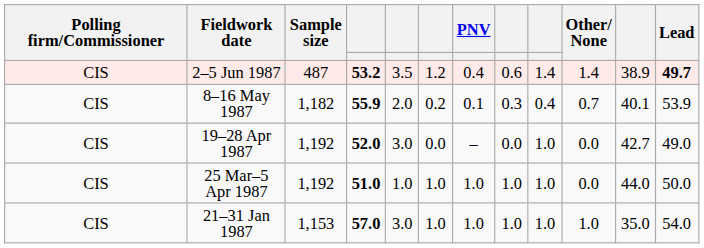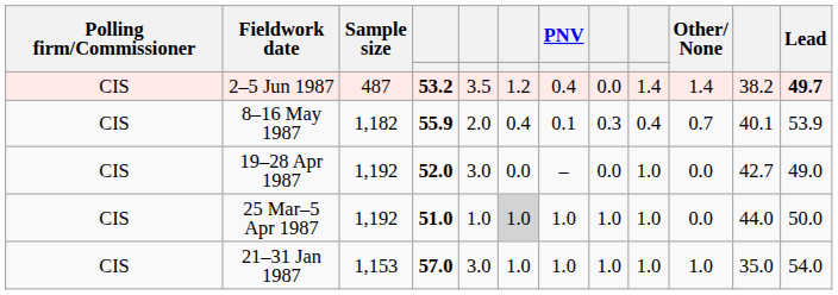 <table class="wikitable collapsible collapsed" style="text-align:center; font-size:90%; line-height:14px;">
 <tr style="height:42px;">
 <th style="width:250px;" rowspan="2">Polling firm/Commissioner</th>
 <th style="width:125px;" rowspan="2">Fieldwork date</th>
 <th style="width:50px;" rowspan="2">Sample size</th>
 <th style="width:35px;"></th>
 <th style="width:35px;"></th>
 <th style="width:35px;"></th>
 <th style="width:35px;"><a href='#'>PNV</a></th>
 <th style="width:35px;"></th>
 <th style="width:35px;"></th>
 <th style="width:35px;" rowspan="2">Other/<br>None</th>
 <th style="width:35px;" rowspan="2"></th>
 <th style="width:30px;" rowspan="2">Lead</th>
 </tr>
 <tr>
 <th style="color:inherit;background:"></th>
 <th style="color:inherit;background:"></th>
 <th style="color:inherit;background:"></th>
 <th style="color:inherit;background:"></th>
 <th style="color:inherit;background:"></th>
 <th style="color:inherit;background:"></th>
 </tr>
 <tr style="background:#FFEAEA;">
 <td>CIS</td>
 <td>2–5 Jun 1987</td>
 <td>487</td>
 <td><strong>53.2</strong></td>
 <td>3.5</td>
 <td>1.2</td>
 <td>0.4</td>
-<td>0.6</td>
+<td>0.0</td>
 <td>1.4</td>
 <td>1.4</td>
-<td>38.9</td>
+<td>38.2</td>
 <td style="background:"><strong>49.7</strong></td>
 </tr>
 <tr>
 <td>CIS</td>
 <td>8–16 May 1987</td>
 <td>1,182</td>
 <td><strong>55.9</strong></td>
 <td>2.0</td>
-<td>0.2</td>
+<td>0.4</td>
 <td>0.1</td>
 <td>0.3</td>
 <td>0.4</td>
 <td>0.7</td>
 <td>40.1</td>
 <td style="background:">53.9</td>
 </tr>
 <tr>
 <td>CIS</td>
 <td>19–28 Apr 1987</td>
 <td>1,192</td>
 <td><strong>52.0</strong></td>
 <td>3.0</td>
 <td>0.0</td>
 <td>–</td>
 <td>0.0</td>
 <td>1.0</td>
 <td>0.0</td>
 <td>42.7</td>
 <td style="background:">49.0</td>
 </tr>
 <tr>
 <td>CIS</td>
 <td>25 Mar–5 Apr 1987</td>
 <td>1,192</td>
 <td><strong>51.0</strong></td>
 <td>1.0</td>
-<td>1.0</td>
+<td style="background: lightgrey;">1.0</td>
 <td>1.0</td>
 <td>1.0</td>
 <td>1.0</td>
 <td>0.0</td>
 <td>44.0</td>
 <td style="background:">50.0</td>
 </tr>
 <tr>
 <td>CIS</td>
 <td>21–31 Jan 1987</td>
 <td>1,153</td>
 <td><strong>57.0</strong></td>
 <td>3.0</td>
 <td>1.0</td>
 <td>1.0</td>
 <td>1.0</td>
 <td>1.0</td>
 <td>1.0</td>
 <td>35.0</td>
 <td style="background:">54.0</td>
 </tr>
 </table>
